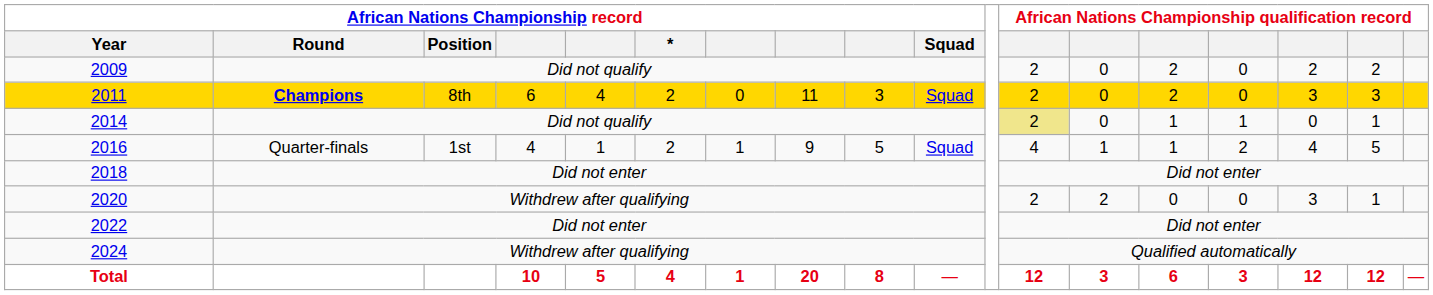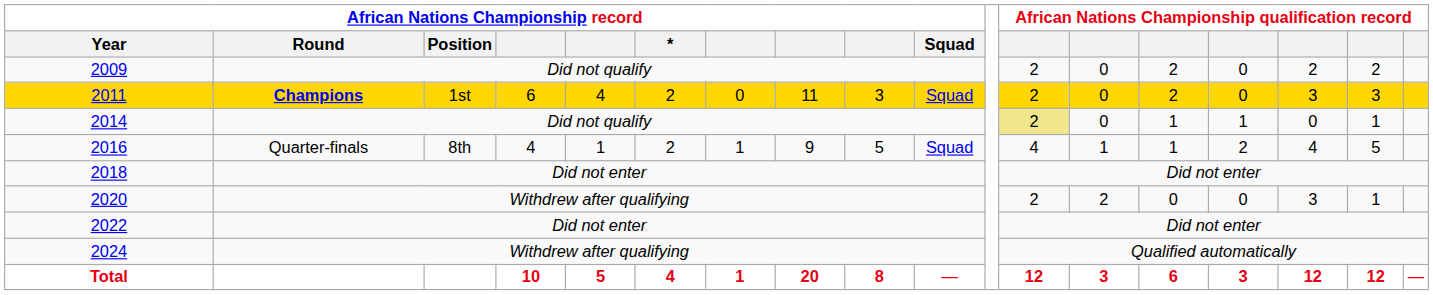 <table class="wikitable" style="font-size:90%; text-align:center;">
 <tr>
 <th colspan="10" style="background:#FFFFFF; color:#E70013; "><a href='#'><span>African Nations Championship</span></a> record</th>
 <th style="width:1%;background:white" rowspan="11"></th>
 <th colspan="7" style="background:#FFFFFF; color:#E70013; ">African Nations Championship qualification record</th>
 </tr>
 <tr>
 <th width="15%">Year</th>
 <th width="15%">Round</th>
 <th width="5%">Position</th>
 <th width="5%"></th>
 <th width="5%"></th>
 <th width="5%">*</th>
 <th width="5%"></th>
 <th width="5%"></th>
 <th width="5%"></th>
 <th width="5%">Squad</th>
 <th width="5%"></th>
 <th width="5%"></th>
 <th width="5%"></th>
 <th width="5%"></th>
 <th width="5%"></th>
 <th width="5%"></th>
 <th width="1%"></th>
 </tr>
 <tr>
 <td> <a href='#'>2009</a></td>
 <td colspan="9"><em>Did not qualify</em></td>
 <td>2</td>
 <td>0</td>
 <td>2</td>
 <td>0</td>
 <td>2</td>
 <td>2</td>
 <td></td>
 </tr>
 <tr style="background:gold;">
 <td> <a href='#'>2011</a></td>
 <td><strong><a href='#'>Champions</a></strong></td>
-<td>8th</td>
+<td>1st</td>
 <td>6</td>
 <td>4</td>
 <td>2</td>
 <td>0</td>
 <td>11</td>
 <td>3</td>
 <td><a href='#'>Squad</a></td>
 <td>2</td>
 <td>0</td>
 <td>2</td>
 <td>0</td>
 <td>3</td>
 <td>3</td>
 <td></td>
 </tr>
 <tr>
 <td> <a href='#'>2014</a></td>
 <td colspan="9"><em>Did not qualify</em></td>
 <td style="background: khaki;">2</td>
 <td>0</td>
 <td>1</td>
 <td>1</td>
 <td>0</td>
 <td>1</td>
 <td></td>
 </tr>
 <tr>
 <td> <a href='#'>2016</a></td>
 <td>Quarter-finals</td>
-<td>1st</td>
+<td>8th</td>
 <td>4</td>
 <td>1</td>
 <td>2</td>
 <td>1</td>
 <td>9</td>
 <td>5</td>
 <td><a href='#'>Squad</a></td>
 <td>4</td>
 <td>1</td>
 <td>1</td>
 <td>2</td>
 <td>4</td>
 <td>5</td>
 <td></td>
 </tr>
 <tr>
 <td> <a href='#'>2018</a></td>
 <td colspan="9"><em>Did not enter</em></td>
 <td colspan="7"><em>Did not enter</em></td>
 </tr>
 <tr>
 <td> <a href='#'>2020</a></td>
 <td colspan="9"><em>Withdrew after qualifying</em></td>
 <td>2</td>
 <td>2</td>
 <td>0</td>
 <td>0</td>
 <td>3</td>
 <td>1</td>
 <td></td>
 </tr>
 <tr>
 <td> <a href='#'>2022</a></td>
 <td colspan="9"><em>Did not enter</em></td>
 <td colspan="7"><em>Did not enter</em></td>
 </tr>
 <tr>
 <td>   <a href='#'>2024</a></td>
 <td colspan="9"><em>Withdrew after qualifying</em></td>
 <td colspan="7"><em>Qualified automatically</em></td>
 </tr>
 <tr>
 <th style="background:#FFFFFF; color:#E70013; ">Total</th>
 <th style="background:#FFFFFF; color:#E70013; "></th>
 <th style="background:#FFFFFF; color:#E70013; "></th>
 <th style="background:#FFFFFF; color:#E70013; ">10</th>
 <th style="background:#FFFFFF; color:#E70013; ">5</th>
 <th style="background:#FFFFFF; color:#E70013; ">4</th>
 <th style="background:#FFFFFF; color:#E70013; ">1</th>
 <th style="background:#FFFFFF; color:#E70013; ">20</th>
 <th style="background:#FFFFFF; color:#E70013; ">8</th>
 <td style="background:#FFFFFF; color:#E70013; ">—</td>
 <th style="background:#FFFFFF; color:#E70013; ">12</th>
 <th style="background:#FFFFFF; color:#E70013; ">3</th>
 <th style="background:#FFFFFF; color:#E70013; ">6</th>
 <th style="background:#FFFFFF; color:#E70013; ">3</th>
 <th style="background:#FFFFFF; color:#E70013; ">12</th>
 <th style="background:#FFFFFF; color:#E70013; ">12</th>
 <td style="background:#FFFFFF; color:#E70013; ">—</td>
 </tr>
 </table>
